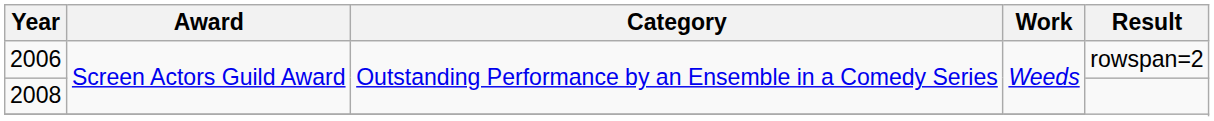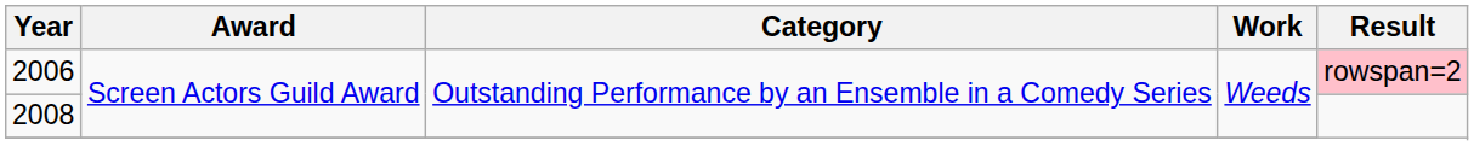 <table class="wikitable">
 <tr>
 <th>Year</th>
 <th>Award</th>
 <th>Category</th>
 <th>Work</th>
 <th>Result</th>
 </tr>
 <tr>
 <td>2006</td>
 <td rowspan=2><a href='#'>Screen Actors Guild Award</a></td>
 <td rowspan=2><a href='#'>Outstanding Performance by an Ensemble in a Comedy Series</a><br></td>
 <td rowspan=2><em><a href='#'>Weeds</a></em></td>
-<td>rowspan=2 </td>
+<td style="background: pink;">rowspan=2 </td>
 </tr>
 <tr>
 <td>2008</td>
 </tr>
 <tr>
 </tr>
 </table>
